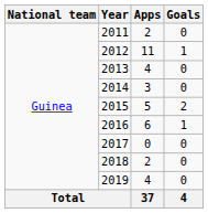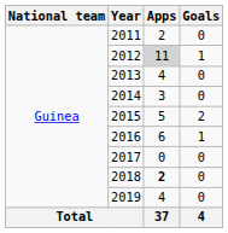 <table class="wikitable" style="text-align:center">
 <tr>
 <th>National team</th>
 <th>Year</th>
 <th>Apps</th>
 <th>Goals</th>
 </tr>
 <tr>
 <td rowspan="9"><a href='#'>Guinea</a></td>
 <td>2011</td>
 <td>2</td>
 <td>0</td>
 </tr>
 <tr>
 <td>2012</td>
-<td>11</td>
+<td style="background: lightgrey;">11</td>
 <td>1</td>
 </tr>
 <tr>
 <td>2013</td>
 <td>4</td>
 <td>0</td>
 </tr>
 <tr>
 <td>2014</td>
 <td>3</td>
 <td>0</td>
 </tr>
 <tr>
 <td>2015</td>
 <td>5</td>
 <td>2</td>
 </tr>
 <tr>
 <td>2016</td>
 <td>6</td>
 <td>1</td>
 </tr>
 <tr>
 <td>2017</td>
 <td>0</td>
 <td>0</td>
 </tr>
 <tr>
 <td>2018</td>
-<td>2</td>
+<td><strong>2</strong></td>
 <td>0</td>
 </tr>
 <tr>
 <td>2019</td>
 <td>4</td>
 <td>0</td>
 </tr>
 <tr>
 <th colspan="2">Total</th>
 <th>37</th>
 <th>4</th>
 </tr>
 </table>
